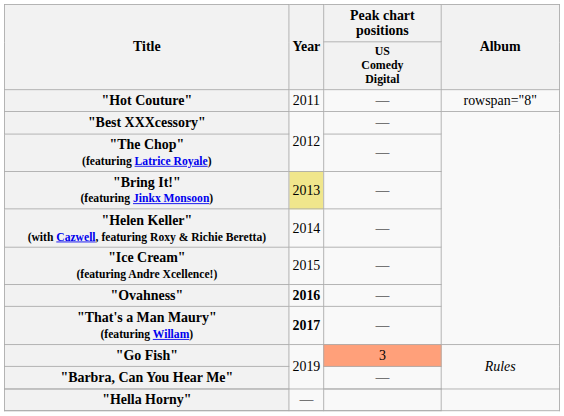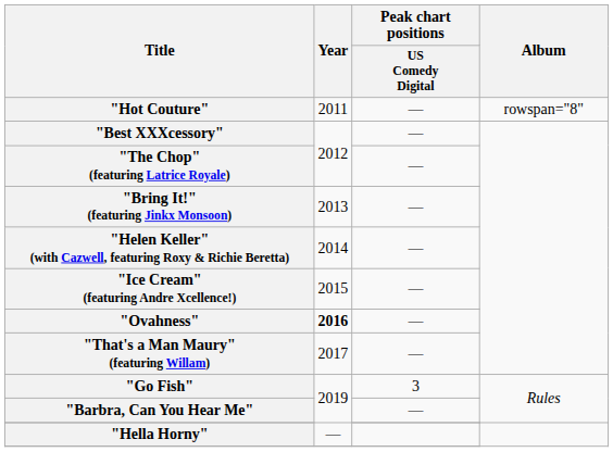 <table class="wikitable plainrowheaders" style="text-align:center;">
 <tr>
 <th scope="col" style="width:20em;" rowspan="2">Title</th>
 <th scope="col" style="width:2em;" rowspan="2">Year</th>
 <th scope="col" style="width:8em;" colspan="1">Peak chart positions</th>
 <th scope="col" style="width:8em;" rowspan="2">Album</th>
 </tr>
 <tr>
 <th scope="col" style="width:3em;font-size:85%;">US<br>Comedy<br>Digital<br></th>
 </tr>
 <tr>
 <th scope="row">"Hot Couture"</th>
 <td>2011</td>
 <td>—</td>
 <td>rowspan="8" </td>
 </tr>
 <tr>
 <th scope="row">"Best XXXcessory"</th>
 <td rowspan="2">2012</td>
 <td>—</td>
 </tr>
 <tr>
 <th scope="row">"The Chop"<br><small>(featuring <a href='#'>Latrice Royale</a>)</small></th>
 <td>—</td>
 </tr>
 <tr>
 <th scope="row">"Bring It!"<br><small>(featuring <a href='#'>Jinkx Monsoon</a>)</small></th>
-<td style="background: khaki;">2013</td>
+<td>2013</td>
 <td>—</td>
 </tr>
 <tr>
 <th scope="row">"Helen Keller"<br><small>(with <a href='#'>Cazwell</a>, featuring Roxy & Richie Beretta)</small></th>
 <td>2014</td>
 <td>—</td>
 </tr>
 <tr>
 <th scope="row">"Ice Cream"<br><small>(featuring Andre Xcellence!)</small></th>
 <td>2015</td>
 <td>—</td>
 </tr>
 <tr>
 <th scope="row">"Ovahness"<br></th>
 <td><strong>2016</strong></td>
 <td>—</td>
 </tr>
 <tr>
 <th scope="row">"That's a Man Maury"<br><small>(featuring <a href='#'>Willam</a>)</small></th>
-<td><strong>2017</strong></td>
+<td>2017</td>
 <td>—</td>
 </tr>
 <tr>
 <th scope="row">"Go Fish"</th>
 <td rowspan="3">2019</td>
-<td style="background: lightsalmon;">3</td>
+<td>3</td>
 <td rowspan="2"><em>Rules</em></td>
 </tr>
 <tr>
 <th scope="row">"Barbra, Can You Hear Me"<br></th>
 <td>—</td>
 </tr>
 <tr>
 </tr>
 <tr>
 <th scope="row">"Hella Horny"</th>
 <td>—</td>
 <td></td>
 </tr>
 <tr>
 </tr>
 </table>
